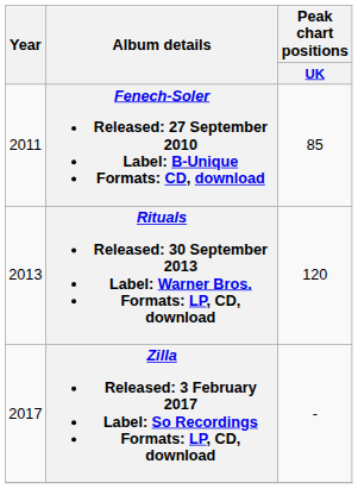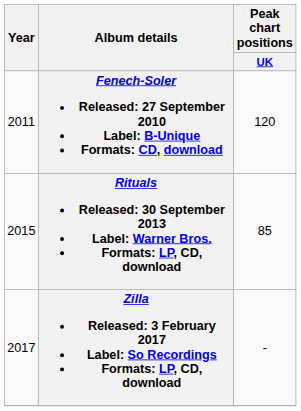 <table class="wikitable plainrowheaders" style="text-align:center;">
 <tr>
 <th scope="col" rowspan="2">Year</th>
 <th scope="col" rowspan="2" style="width:240px;">Album details</th>
 <th scope="col" colspan="1">Peak chart positions</th>
 </tr>
 <tr>
 <th scope="col" style="width:3.0em;font-size:90%;"><a href='#'>UK</a></th>
 </tr>
 <tr>
 <td>2011</td>
 <th scope="row"><strong><em><a href='#'>Fenech-Soler</a></em></strong><br><ul><li>Released: 27 September 2010</li><li>Label: <a href='#'>B-Unique</a></li><li>Formats: <a href='#'>CD</a>, <a href='#'>download</a></li></ul></th>
-<td>85<br></td>
+<td>120<br></td>
 </tr>
 <tr>
-<td>2013</td>
+<td>2015</td>
 <th scope="row"><strong><em><a href='#'>Rituals</a></em></strong><br><ul><li>Released: 30 September 2013</li><li>Label: <a href='#'>Warner Bros.</a></li><li>Formats: <a href='#'>LP</a>, CD, download</li></ul></th>
-<td>120<br></td>
+<td>85<br></td>
 </tr>
 <tr>
 <td>2017</td>
 <th scope="row"><strong><em><a href='#'>Zilla</a></em></strong><br><ul><li>Released: 3 February 2017</li><li>Label: <a href='#'>So Recordings</a></li><li>Formats: <a href='#'>LP</a>, CD, download</li></ul></th>
 <td>-</td>
 </tr>
 <tr>
 </tr>
 </table>
